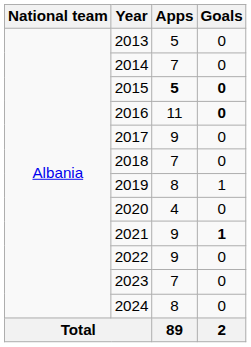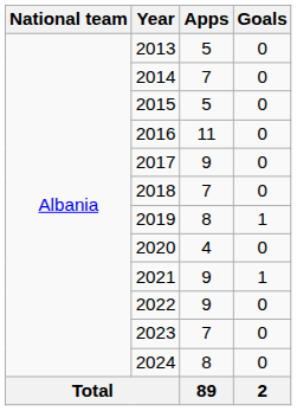 <table class=wikitable style=text-align:center>
 <tr>
 <th>National team</th>
 <th>Year</th>
 <th>Apps</th>
 <th>Goals</th>
 </tr>
 <tr>
 <td rowspan="12"><a href='#'>Albania</a></td>
 <td>2013</td>
 <td>5</td>
 <td>0</td>
 </tr>
 <tr>
 <td>2014</td>
 <td>7</td>
 <td>0</td>
 </tr>
 <tr>
 <td>2015</td>
-<td><strong>5</strong></td>
-<td><strong>0</strong></td>
+<td>5</td>
+<td>0</td>
 </tr>
 <tr>
 <td>2016</td>
 <td>11</td>
-<td><strong>0</strong></td>
+<td>0</td>
 </tr>
 <tr>
 <td>2017</td>
 <td>9</td>
 <td>0</td>
 </tr>
 <tr>
 <td>2018</td>
 <td>7</td>
 <td>0</td>
 </tr>
 <tr>
 <td>2019</td>
 <td>8</td>
 <td>1</td>
 </tr>
 <tr>
 <td>2020</td>
 <td>4</td>
 <td>0</td>
 </tr>
 <tr>
 <td>2021</td>
 <td>9</td>
-<td><strong>1</strong></td>
+<td>1</td>
 </tr>
 <tr>
 <td>2022</td>
 <td>9</td>
 <td>0</td>
 </tr>
 <tr>
 <td>2023</td>
 <td>7</td>
 <td>0</td>
 </tr>
 <tr>
 <td>2024</td>
 <td>8</td>
 <td>0</td>
 </tr>
 <tr>
 <th colspan="2">Total</th>
 <th>89</th>
 <th>2</th>
 </tr>
 </table>
